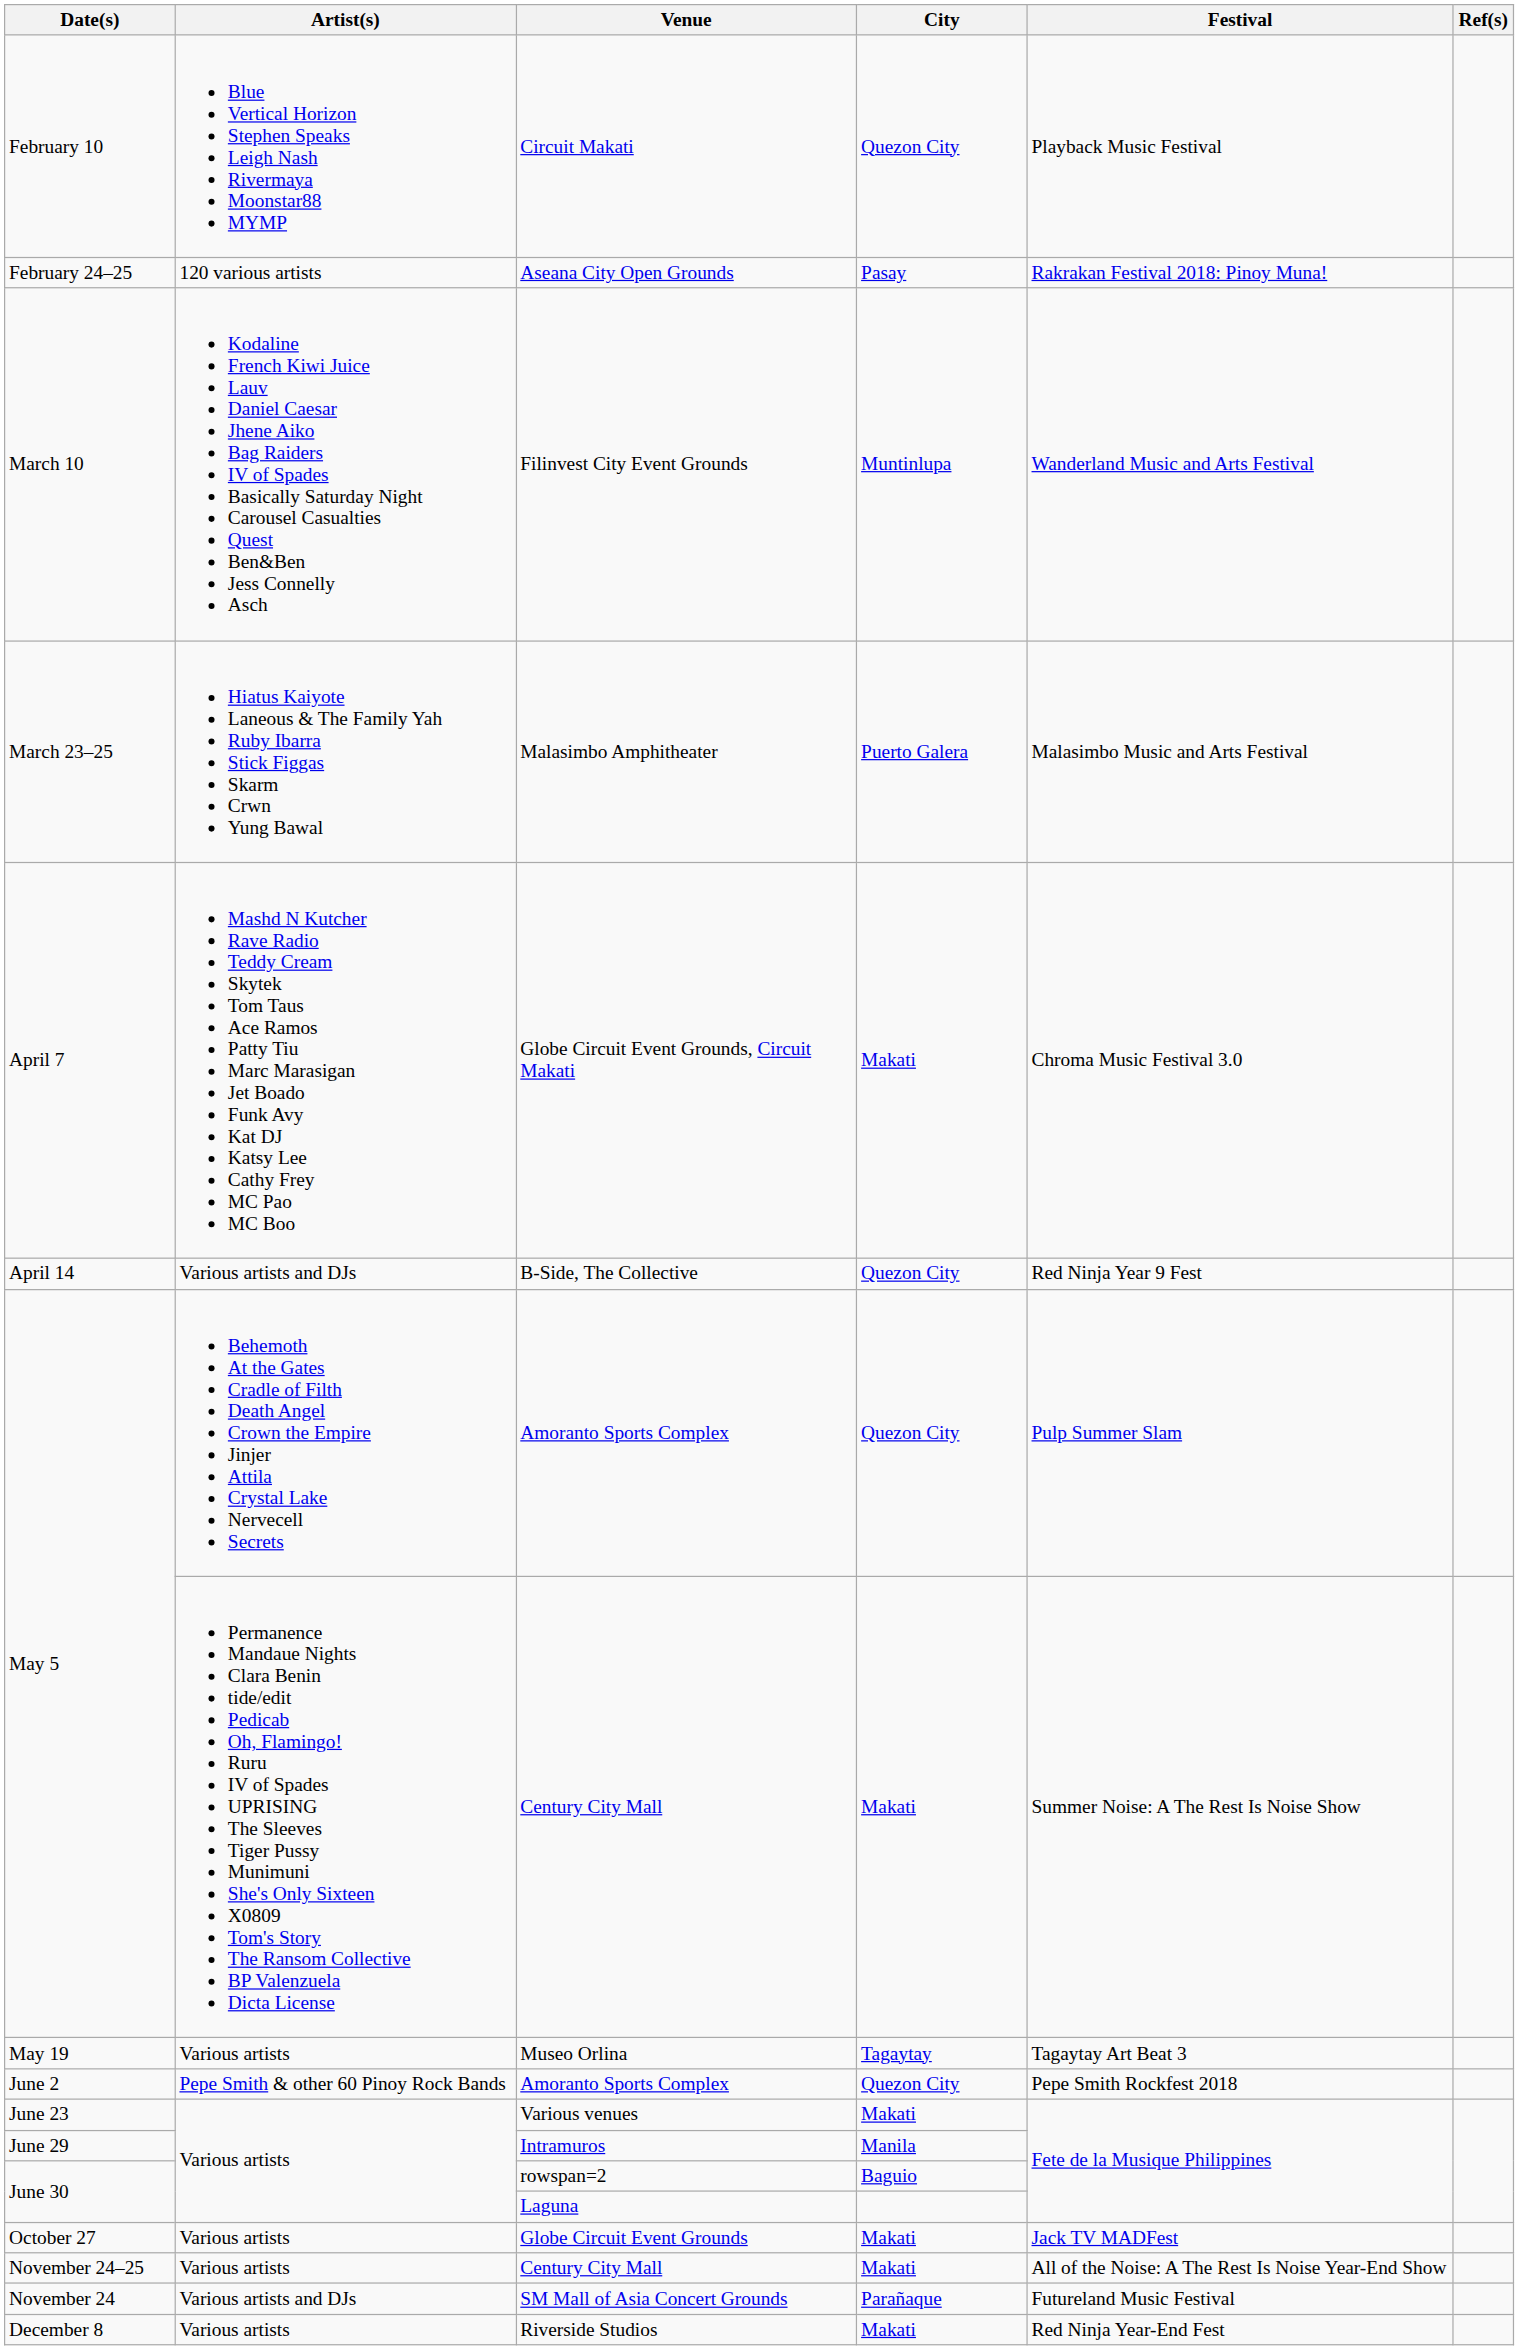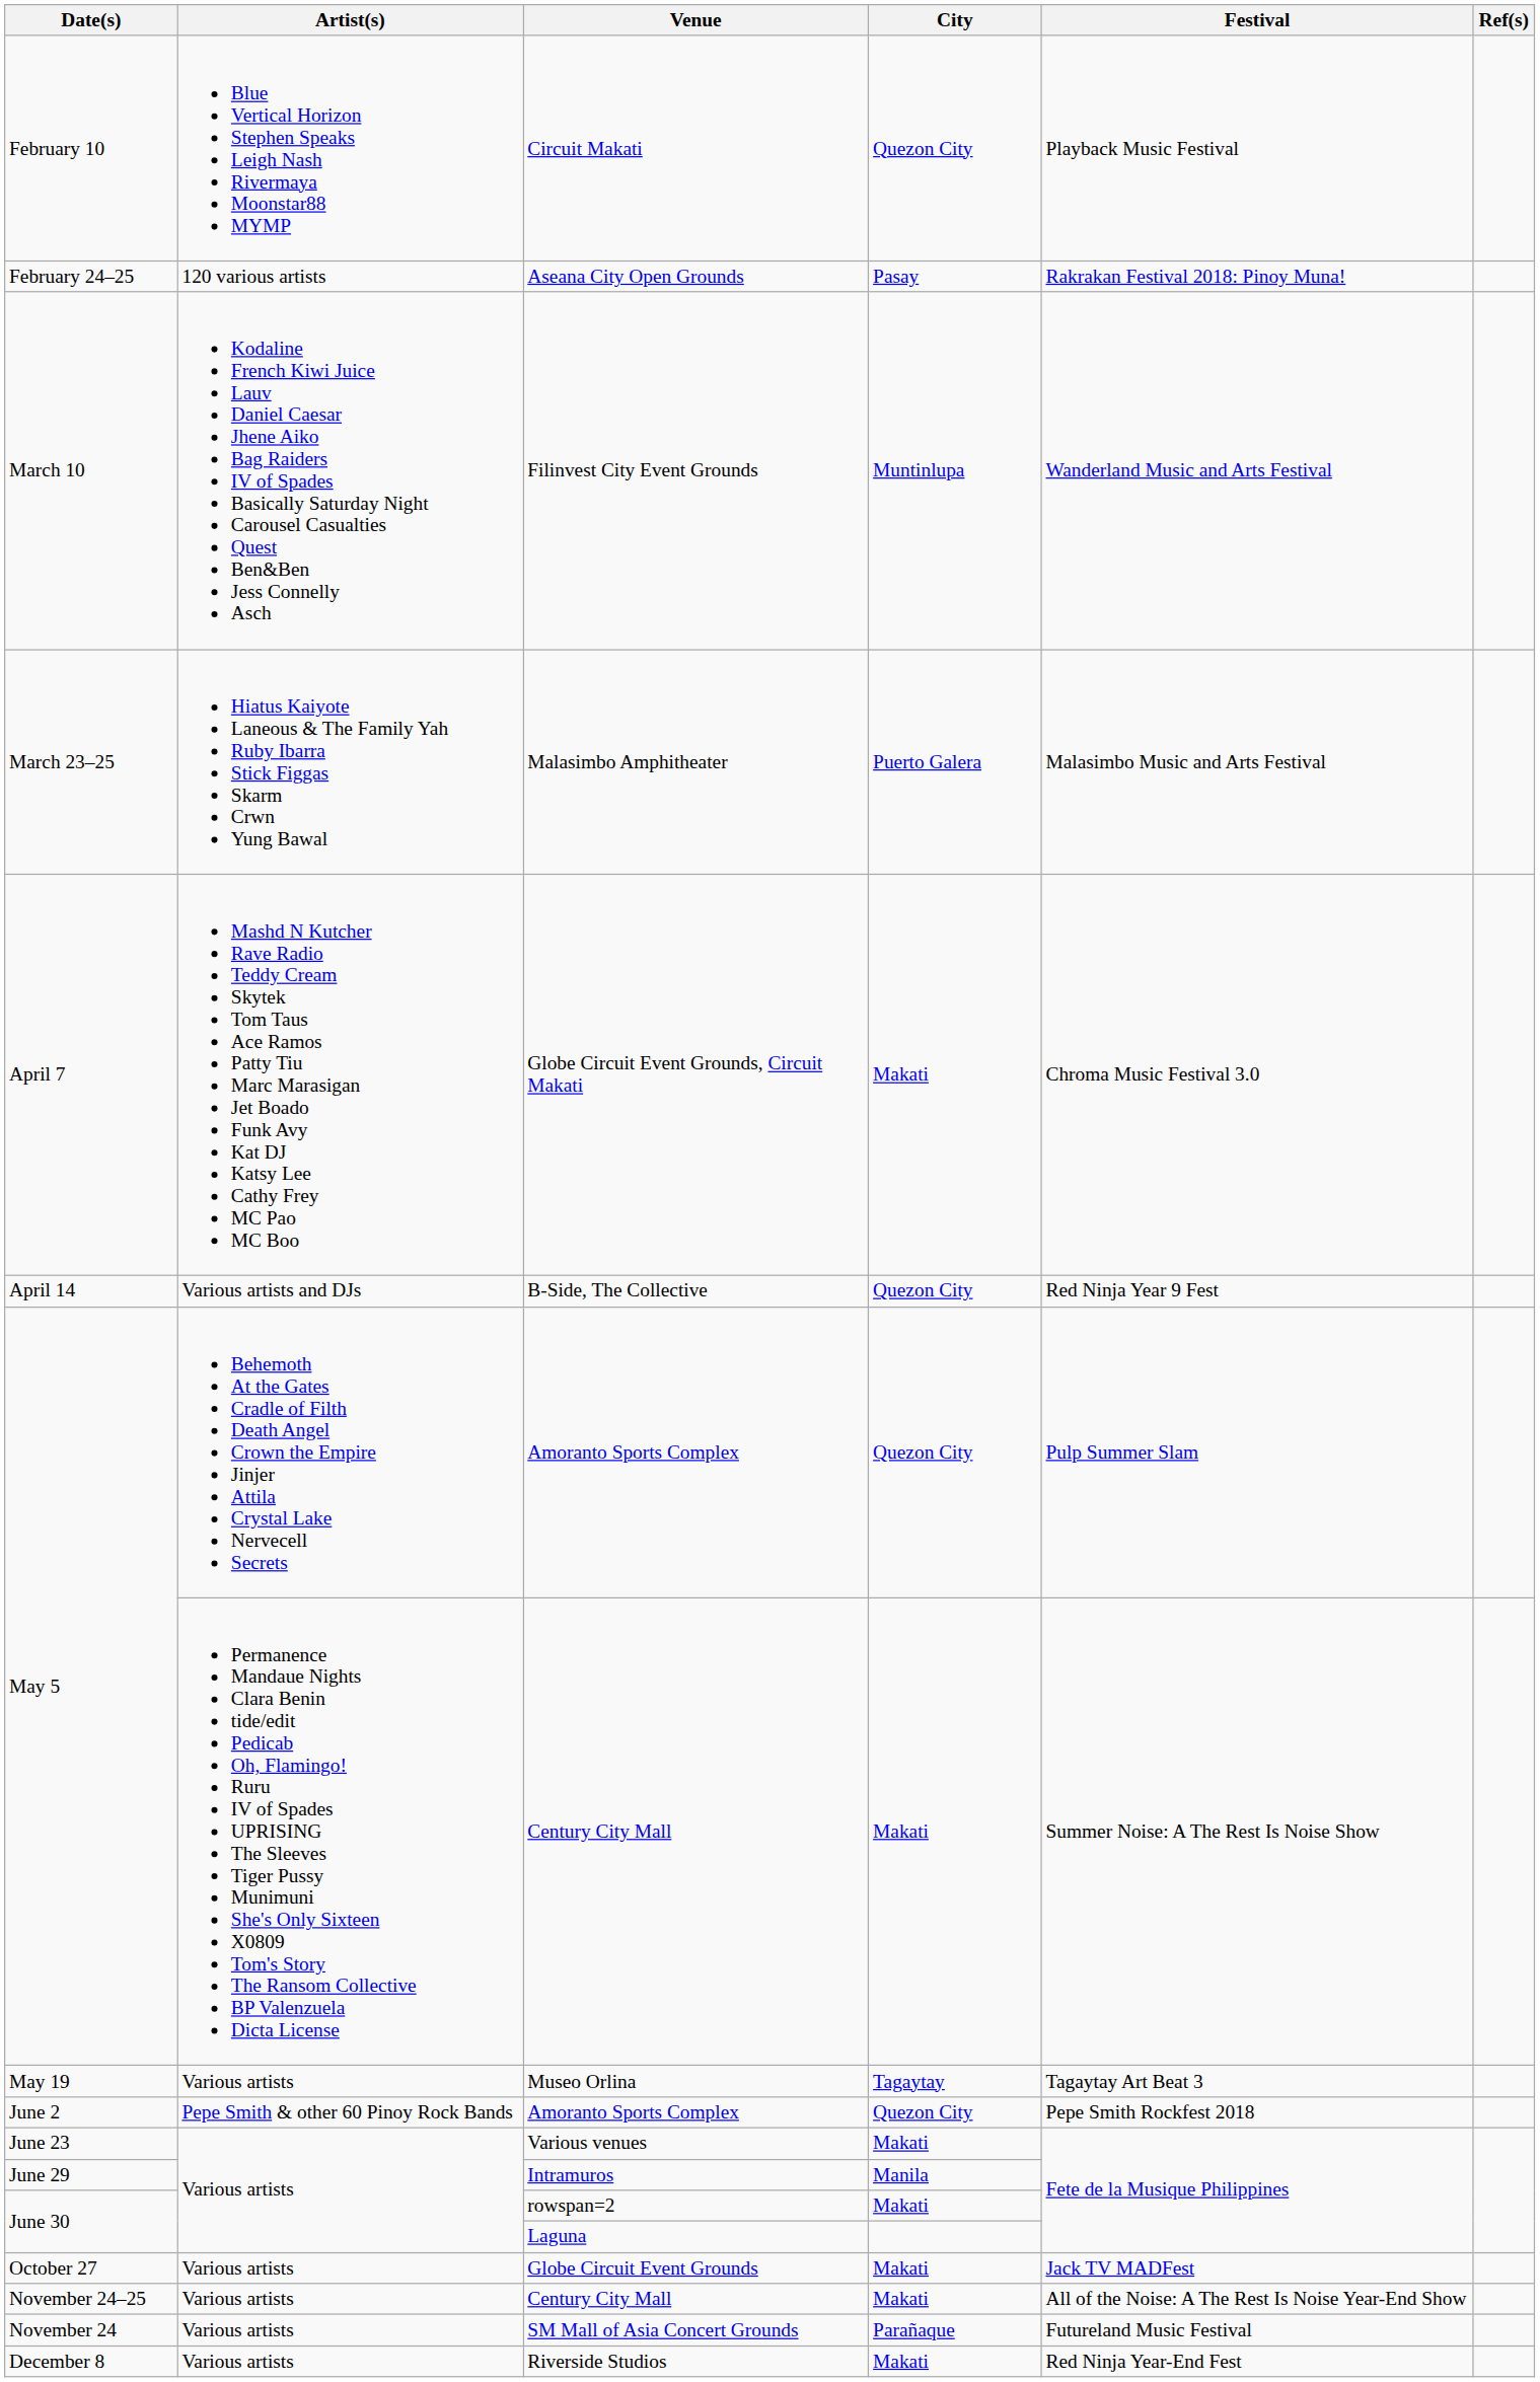 <table class="wikitable sortable" style="font-size: 100%; width=100%;" style="text-align:center;">
 <tr>
 <th class="unsortable" style="width: 10%;" scope="col">Date(s)</th>
 <th class="unsortable" style="width: 20%;" scope="col">Artist(s)</th>
 <th style="width: 20%;" scope="col">Venue</th>
 <th style="width: 10%;" scope="col">City</th>
 <th style="width: 25%;" scope="col">Festival</th>
 <th style="width: 1%;" scope="col">Ref(s)</th>
 </tr>
 <tr>
 <td>February 10</td>
 <td><br><ul><li><a href='#'>Blue</a></li><li><a href='#'>Vertical Horizon</a></li><li><a href='#'>Stephen Speaks</a></li><li><a href='#'>Leigh Nash</a></li><li><a href='#'>Rivermaya</a></li><li><a href='#'>Moonstar88</a></li><li><a href='#'>MYMP</a></li></ul></td>
 <td><a href='#'>Circuit Makati</a></td>
 <td><a href='#'>Quezon City</a></td>
 <td>Playback Music Festival</td>
 <td></td>
 </tr>
 <tr>
 <td>February 24–25</td>
 <td>120 various artists</td>
 <td><a href='#'>Aseana City Open Grounds</a></td>
 <td><a href='#'>Pasay</a></td>
 <td><a href='#'>Rakrakan Festival 2018: Pinoy Muna!</a></td>
 <td></td>
 </tr>
 <tr>
 <td>March 10</td>
 <td><br><ul><li><a href='#'>Kodaline</a></li><li><a href='#'>French Kiwi Juice</a></li><li><a href='#'>Lauv</a></li><li><a href='#'>Daniel Caesar</a></li><li><a href='#'>Jhene Aiko</a></li><li><a href='#'>Bag Raiders</a></li><li><a href='#'>IV of Spades</a></li><li>Basically Saturday Night</li><li>Carousel Casualties</li><li><a href='#'>Quest</a></li><li>Ben&Ben</li><li>Jess Connelly</li><li>Asch</li></ul></td>
 <td>Filinvest City Event Grounds</td>
 <td><a href='#'>Muntinlupa</a></td>
 <td><a href='#'>Wanderland Music and Arts Festival</a></td>
 <td></td>
 </tr>
 <tr>
 <td>March 23–25</td>
 <td><br><ul><li><a href='#'>Hiatus Kaiyote</a></li><li>Laneous & The Family Yah</li><li><a href='#'>Ruby Ibarra</a></li><li><a href='#'>Stick Figgas</a></li><li>Skarm</li><li>Crwn</li><li>Yung Bawal</li></ul></td>
 <td>Malasimbo Amphitheater</td>
 <td><a href='#'>Puerto Galera</a></td>
 <td>Malasimbo Music and Arts Festival</td>
 <td></td>
 </tr>
 <tr>
 <td>April 7</td>
 <td><br><ul><li><a href='#'>Mashd N Kutcher</a></li><li><a href='#'>Rave Radio</a></li><li><a href='#'>Teddy Cream</a></li><li>Skytek</li><li>Tom Taus</li><li>Ace Ramos</li><li>Patty Tiu</li><li>Marc Marasigan</li><li>Jet Boado</li><li>Funk Avy</li><li>Kat DJ</li><li>Katsy Lee</li><li>Cathy Frey</li><li>MC Pao</li><li>MC Boo</li></ul></td>
 <td>Globe Circuit Event Grounds, <a href='#'>Circuit Makati</a></td>
 <td><a href='#'>Makati</a></td>
 <td>Chroma Music Festival 3.0</td>
 <td></td>
 </tr>
 <tr>
 <td>April 14</td>
 <td>Various artists and DJs</td>
 <td>B-Side, The Collective</td>
 <td><a href='#'>Quezon City</a></td>
 <td>Red Ninja Year 9 Fest</td>
 <td></td>
 </tr>
 <tr>
 <td rowspan=2>May 5</td>
 <td><br><ul><li><a href='#'>Behemoth</a></li><li><a href='#'>At the Gates</a></li><li><a href='#'>Cradle of Filth</a></li><li><a href='#'>Death Angel</a></li><li><a href='#'>Crown the Empire</a></li><li>Jinjer</li><li><a href='#'>Attila</a></li><li><a href='#'>Crystal Lake</a></li><li>Nervecell</li><li><a href='#'>Secrets</a></li></ul></td>
 <td><a href='#'>Amoranto Sports Complex</a></td>
 <td><a href='#'>Quezon City</a></td>
 <td><a href='#'>Pulp Summer Slam</a></td>
 <td></td>
 </tr>
 <tr>
 <td><br><ul><li>Permanence</li><li>Mandaue Nights</li><li>Clara Benin</li><li>tide/edit</li><li><a href='#'>Pedicab</a></li><li><a href='#'>Oh, Flamingo!</a></li><li>Ruru</li><li>IV of Spades</li><li>UPRISING</li><li>The Sleeves</li><li>Tiger Pussy</li><li>Munimuni</li><li><a href='#'>She's Only Sixteen</a></li><li>X0809</li><li><a href='#'>Tom's Story</a></li><li><a href='#'>The Ransom Collective</a></li><li><a href='#'>BP Valenzuela</a></li><li><a href='#'>Dicta License</a></li></ul></td>
 <td><a href='#'>Century City Mall</a></td>
 <td><a href='#'>Makati</a></td>
 <td>Summer Noise: A The Rest Is Noise Show</td>
 <td></td>
 </tr>
 <tr>
 <td>May 19</td>
 <td>Various artists</td>
 <td>Museo Orlina</td>
 <td><a href='#'>Tagaytay</a></td>
 <td>Tagaytay Art Beat 3</td>
 <td></td>
 </tr>
 <tr>
 <td>June 2</td>
 <td><a href='#'>Pepe Smith</a> & other 60 Pinoy Rock Bands</td>
 <td><a href='#'>Amoranto Sports Complex</a></td>
 <td><a href='#'>Quezon City</a></td>
 <td>Pepe Smith Rockfest 2018</td>
 <td></td>
 </tr>
 <tr>
 <td>June 23</td>
 <td rowspan=4>Various artists</td>
 <td>Various venues</td>
 <td><a href='#'>Makati</a></td>
 <td rowspan=4><a href='#'>Fete de la Musique Philippines</a></td>
 <td rowspan=4></td>
 </tr>
 <tr>
 <td>June 29</td>
 <td><a href='#'>Intramuros</a></td>
 <td><a href='#'>Manila</a></td>
 </tr>
 <tr>
 <td rowspan=2>June 30</td>
 <td>rowspan=2 </td>
-<td><a href='#'>Baguio</a></td>
+<td><a href='#'>Makati</a></td>
 </tr>
 <tr>
 <td><a href='#'>Laguna</a></td>
 </tr>
 <tr>
 <td>October 27</td>
 <td>Various artists</td>
 <td><a href='#'>Globe Circuit Event Grounds</a></td>
 <td><a href='#'>Makati</a></td>
 <td><a href='#'>Jack TV MADFest</a></td>
 <td></td>
 </tr>
 <tr>
 <td>November 24–25</td>
 <td>Various artists</td>
 <td><a href='#'>Century City Mall</a></td>
 <td><a href='#'>Makati</a></td>
 <td>All of the Noise: A The Rest Is Noise Year-End Show</td>
 <td></td>
 </tr>
 <tr>
 <td>November 24</td>
-<td>Various artists and DJs</td>
+<td>Various artists</td>
 <td><a href='#'>SM Mall of Asia Concert Grounds</a></td>
 <td><a href='#'>Parañaque</a></td>
 <td>Futureland Music Festival</td>
 <td></td>
 </tr>
 <tr>
 <td>December 8</td>
 <td>Various artists</td>
 <td>Riverside Studios</td>
 <td><a href='#'>Makati</a></td>
 <td>Red Ninja Year-End Fest</td>
 <td></td>
 </tr>
 </table>
